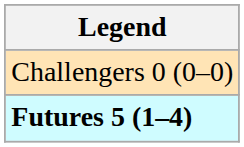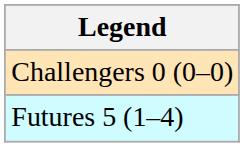 <table class=wikitable style=font-size:97%>
 <tr>
 <th>Legend</th>
 </tr>
 <tr style="background:moccasin;">
 <td>Challengers 0 (0–0)</td>
 </tr>
 <tr style="background:#cffcff;">
-<td><strong>Futures 5 (1–4)</strong></td>
+<td>Futures 5 (1–4)</td>
 </tr>
 </table>
